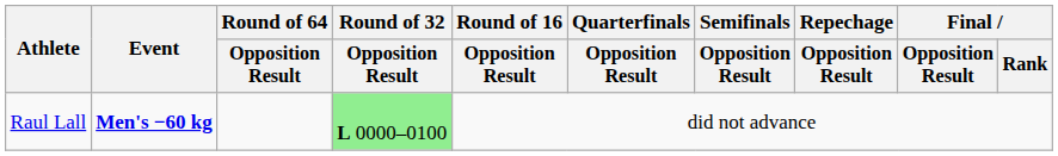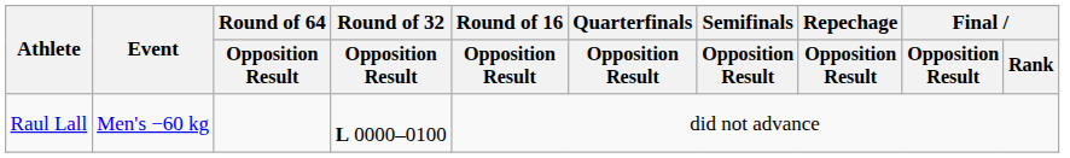 <table class="wikitable" style="font-size:90%">
 <tr>
 <th rowspan="2">Athlete</th>
 <th rowspan="2">Event</th>
 <th>Round of 64</th>
 <th>Round of 32</th>
 <th>Round of 16</th>
 <th>Quarterfinals</th>
 <th>Semifinals</th>
 <th>Repechage</th>
 <th colspan=2>Final / </th>
 </tr>
 <tr style="font-size:95%">
 <th>Opposition<br>Result</th>
 <th>Opposition<br>Result</th>
 <th>Opposition<br>Result</th>
 <th>Opposition<br>Result</th>
 <th>Opposition<br>Result</th>
 <th>Opposition<br>Result</th>
 <th>Opposition<br>Result</th>
 <th>Rank</th>
 </tr>
 <tr align=center>
 <td align=left><a href='#'>Raul Lall</a></td>
-<td align=left><strong><a href='#'>Men's −60 kg</a></strong></td>
+<td align=left><a href='#'>Men's −60 kg</a></td>
 <td></td>
-<td style="background: lightgreen;"><br><strong>L</strong> 0000–0100</td>
+<td><br><strong>L</strong> 0000–0100</td>
 <td colspan=6>did not advance</td>
 </tr>
 </table>
